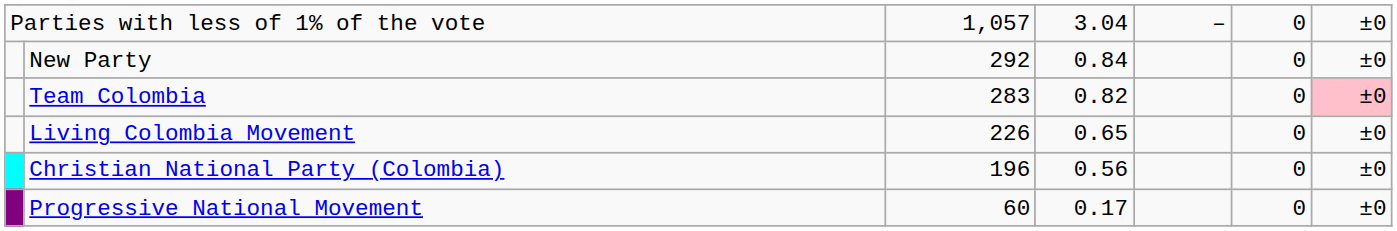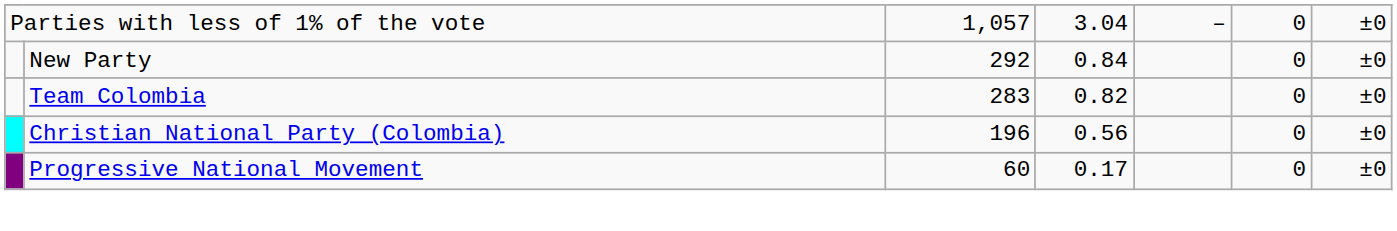 <table class="wikitable collapsible collapsed" style="text-align:right; border:0px; margin-top:-1px; margin-bottom:0;">
 <tr>
 <th style="text-align:left; font-weight:normal; background:#F9F9F9" width=500px colspan=2>Parties with less of 1% of the vote</th>
 <td width=80>1,057</td>
 <td width=50>3.04</td>
 <td width=50>–</td>
 <td width=40>0</td>
 <td width=40>±0</td>
 </tr>
 <tr>
 <td style="color:inherit;background:"></td>
 <td align="left">New Party</td>
 <td>292</td>
 <td>0.84</td>
 <td></td>
 <td>0</td>
 <td>±0</td>
 </tr>
 <tr>
 <td style="color:inherit;background:"></td>
 <td align="left"><a href='#'>Team Colombia</a></td>
 <td>283</td>
 <td>0.82</td>
 <td></td>
 <td>0</td>
-<td style="background: pink;">±0</td>
-</tr>
-<tr>
-<td style="color:inherit;background:"></td>
-<td align="left"><a href='#'>Living Colombia Movement</a></td>
-<td>226</td>
-<td>0.65</td>
-<td></td>
-<td>0</td>
 <td>±0</td>
 </tr>
 <tr>
 <td bgcolor="cyan"></td>
 <td align="left"><a href='#'>Christian National Party (Colombia)</a></td>
 <td>196</td>
 <td>0.56</td>
 <td></td>
 <td>0</td>
 <td>±0</td>
 </tr>
 <tr>
 <td bgcolor="purple"></td>
 <td align="left"><a href='#'>Progressive National Movement</a></td>
 <td>60</td>
 <td>0.17</td>
 <td></td>
 <td>0</td>
 <td>±0</td>
 </tr>
 </table>
